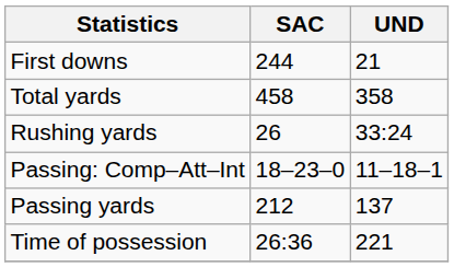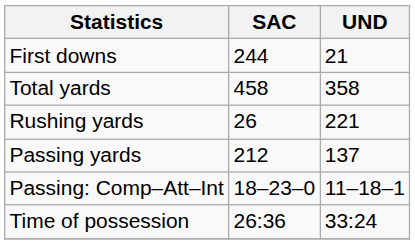 <table class="wikitable" style="float: left;">
 <tr>
 <th>Statistics</th>
 <th>SAC</th>
 <th>UND</th>
 </tr>
 <tr>
 <td>First downs</td>
 <td>244</td>
 <td>21</td>
 </tr>
 <tr>
 <td>Total yards</td>
 <td>458</td>
 <td>358</td>
 </tr>
 <tr>
 <td>Rushing yards</td>
 <td>26</td>
-<td>33:24</td>
+<td>221</td>
+</tr>
+<tr>
+<td>Passing yards</td>
+<td>212</td>
+<td>137</td>
 </tr>
 <tr>
 <td>Passing: Comp–Att–Int</td>
 <td>18–23–0</td>
 <td>11–18–1</td>
 </tr>
 <tr>
-<td>Passing yards</td>
-<td>212</td>
-<td>137</td>
-</tr>
-<tr>
 <td>Time of possession</td>
 <td>26:36</td>
-<td>221</td>
+<td>33:24</td>
 </tr>
 <tr>
 </tr>
 </table>
